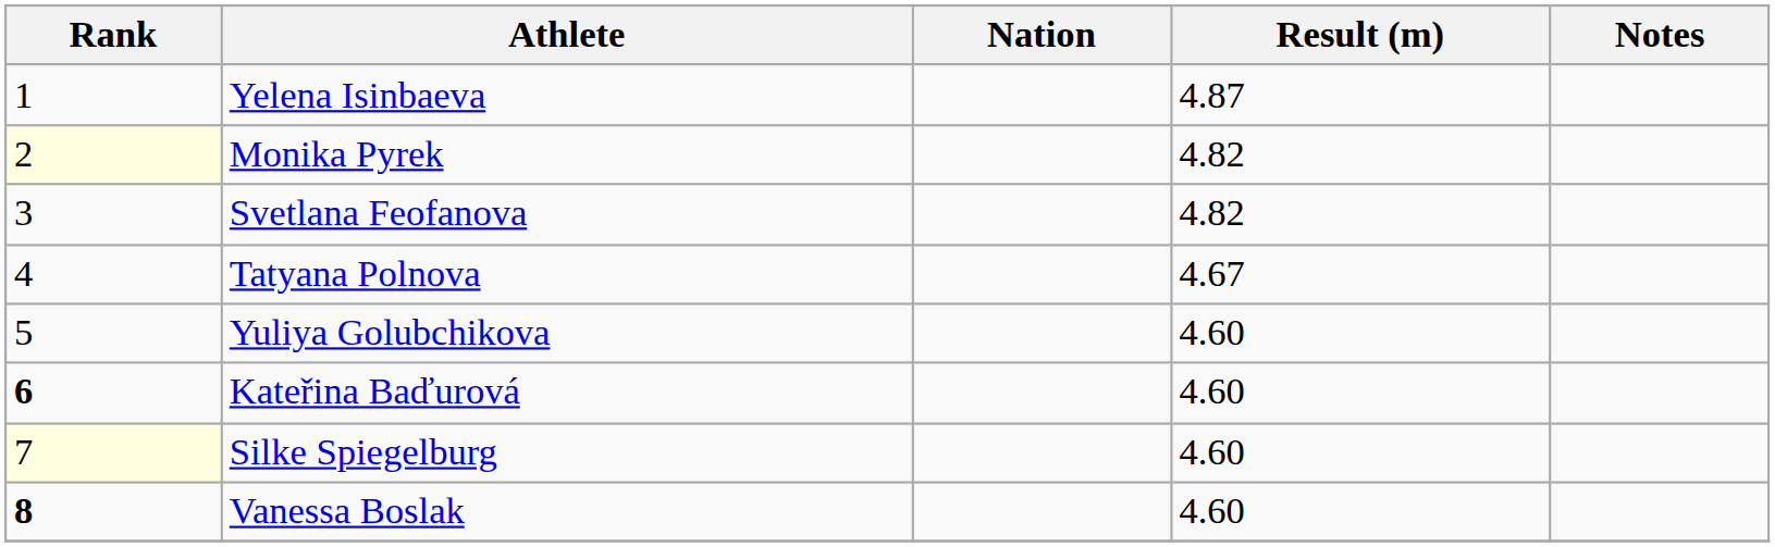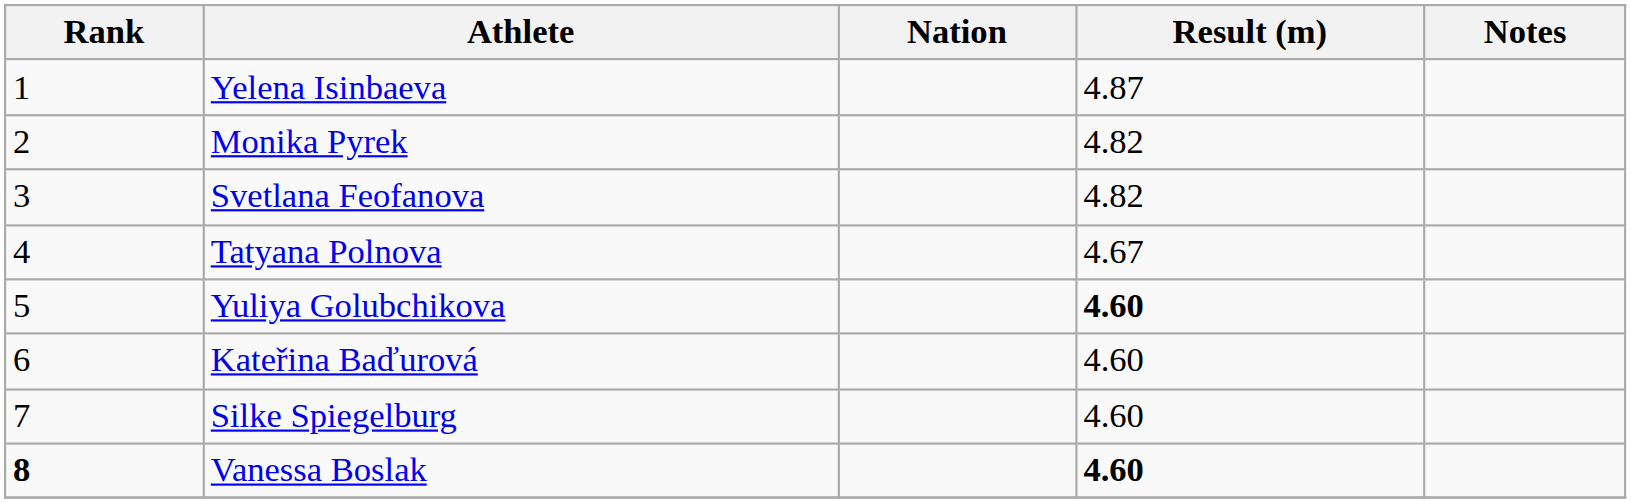 <table class="wikitable" style="text=align:center;" width=85%>
 <tr>
 <th>Rank</th>
 <th>Athlete</th>
 <th>Nation</th>
 <th>Result (m)</th>
 <th>Notes</th>
 </tr>
 <tr>
 <td>1</td>
 <td><a href='#'>Yelena Isinbaeva</a></td>
 <td></td>
 <td>4.87</td>
 <td></td>
 </tr>
 <tr>
-<td style="background: lightyellow;">2</td>
+<td>2</td>
 <td><a href='#'>Monika Pyrek</a></td>
 <td></td>
 <td>4.82</td>
 <td></td>
 </tr>
 <tr>
 <td>3</td>
 <td><a href='#'>Svetlana Feofanova</a></td>
 <td></td>
 <td>4.82</td>
 <td></td>
 </tr>
 <tr>
 <td>4</td>
 <td><a href='#'>Tatyana Polnova</a></td>
 <td></td>
 <td>4.67</td>
 <td></td>
 </tr>
 <tr>
 <td>5</td>
 <td><a href='#'>Yuliya Golubchikova</a></td>
 <td></td>
-<td>4.60</td>
+<td><strong>4.60</strong></td>
 <td></td>
 </tr>
 <tr>
-<td><strong>6</strong></td>
+<td>6</td>
 <td><a href='#'>Kateřina Baďurová</a></td>
 <td></td>
 <td>4.60</td>
 <td></td>
 </tr>
 <tr>
-<td style="background: lightyellow;">7</td>
+<td>7</td>
 <td><a href='#'>Silke Spiegelburg</a></td>
 <td></td>
 <td>4.60</td>
 <td></td>
 </tr>
 <tr>
 <td><strong>8</strong></td>
 <td><a href='#'>Vanessa Boslak</a></td>
 <td></td>
-<td>4.60</td>
+<td><strong>4.60</strong></td>
 <td></td>
 </tr>
 <tr>
 </tr>
 </table>
